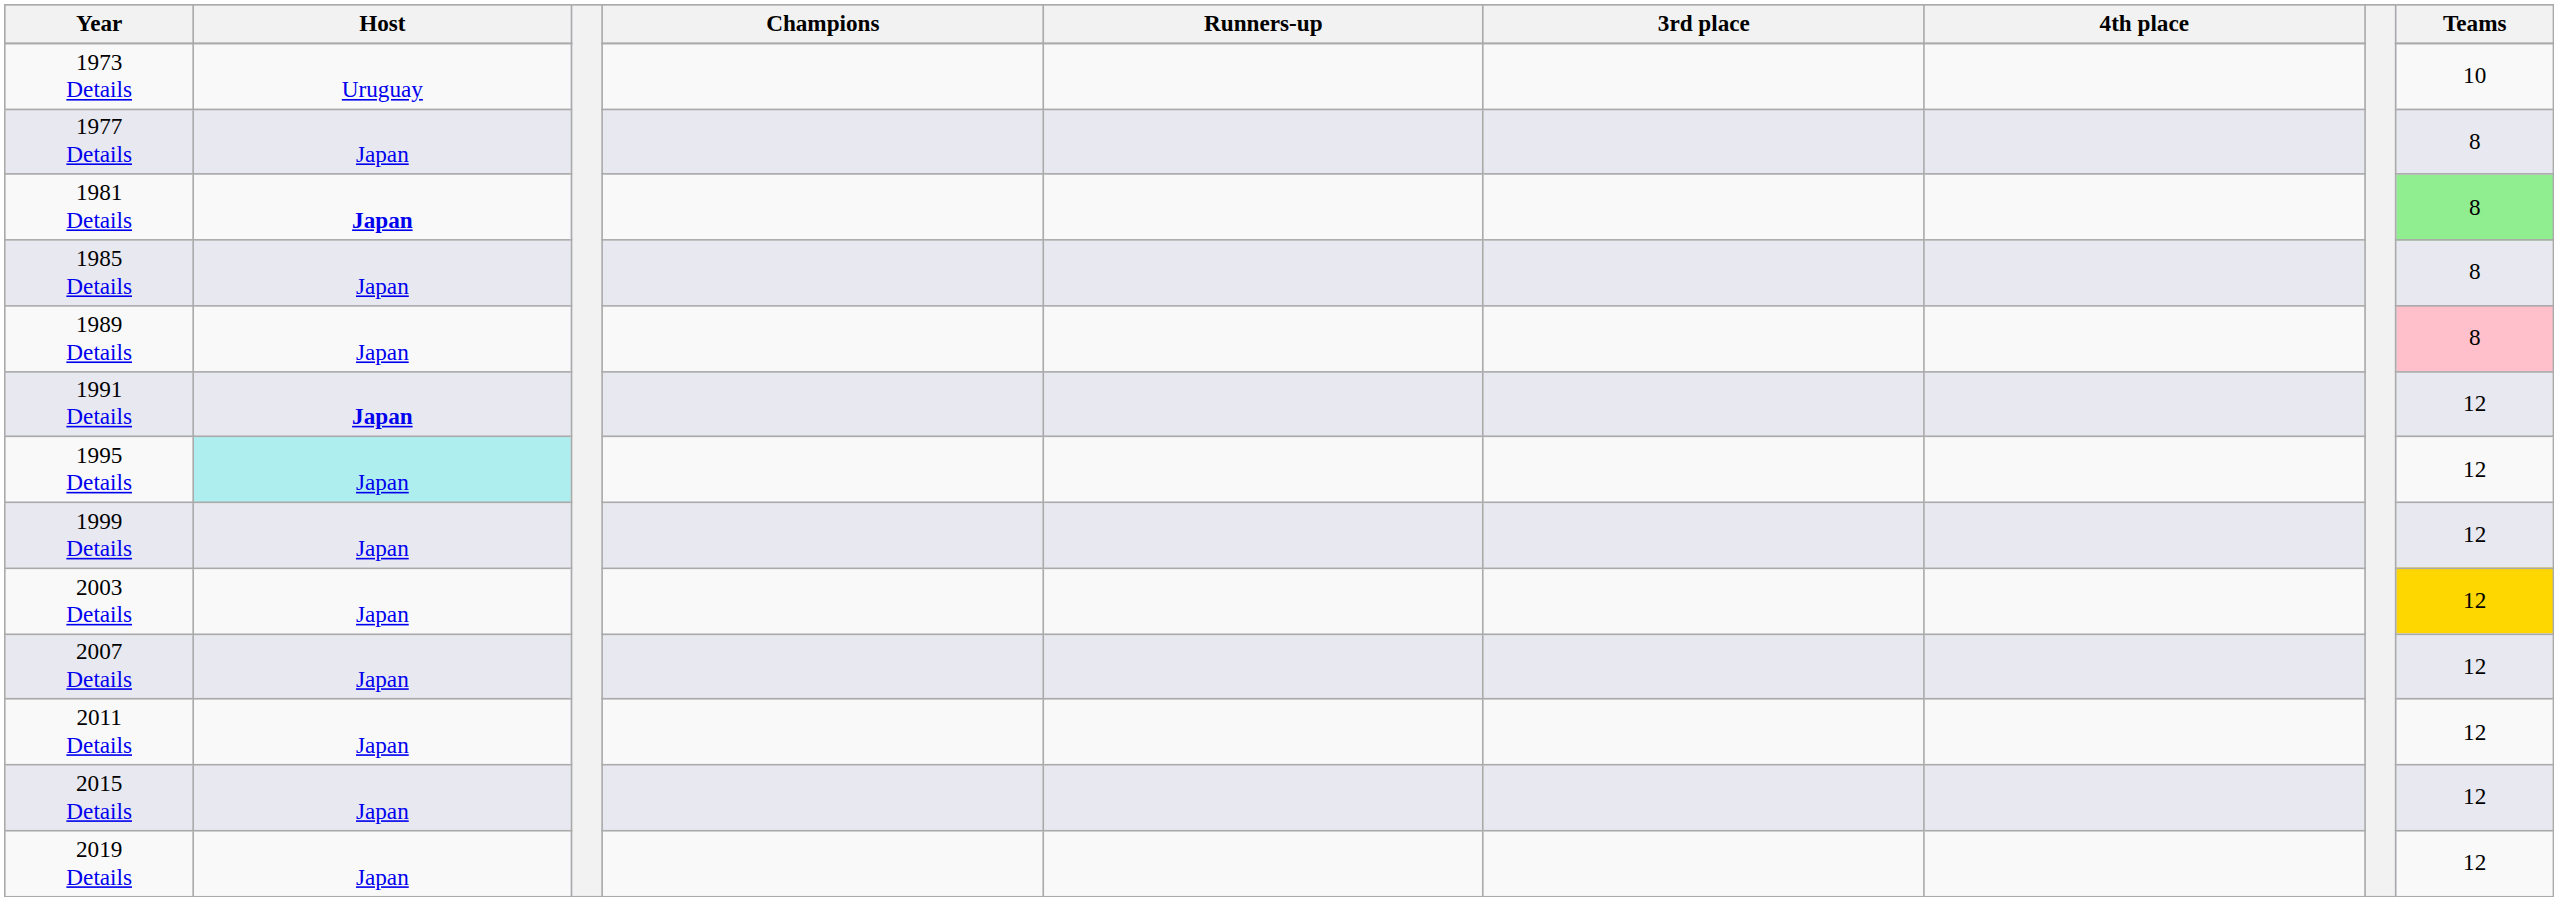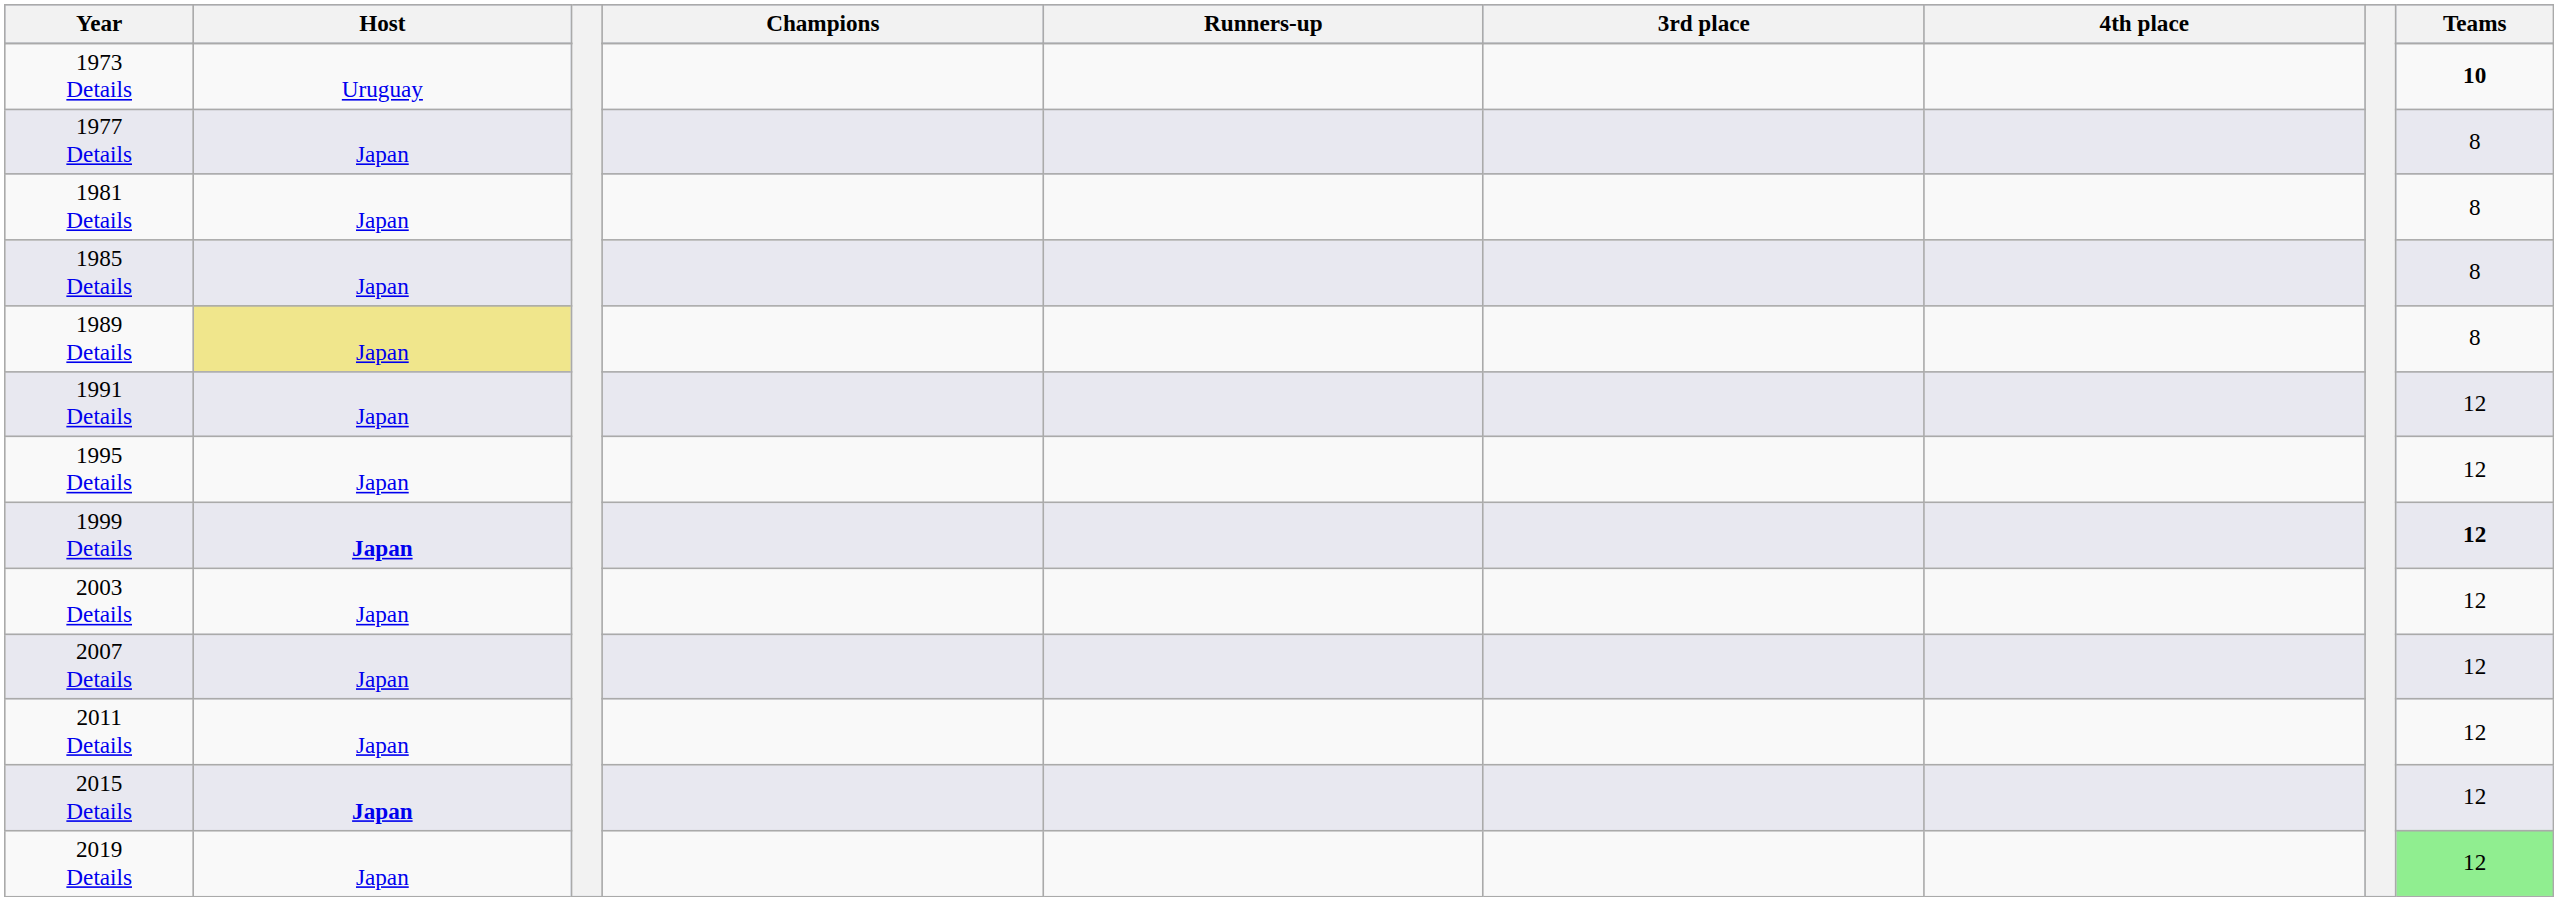 <table class="wikitable" style="font-size:90%; width: 100%; text-align: center;">
 <tr bgcolor=#c1d8ff>
 <th width=6%>Year</th>
 <th width=12%>Host</th>
 <th width=1% rowspan=15 bgcolor=ffffff></th>
 <th width=14%>Champions</th>
 <th width=14%>Runners-up</th>
 <th width=14%>3rd place</th>
 <th width=14%>4th place</th>
 <th width=1% rowspan=15 bgcolor=#ffffff></th>
 <th width=5%>Teams</th>
 </tr>
 <tr bgcolor=#efefef>
 </tr>
 <tr>
 <td>1973<br><a href='#'>Details</a></td>
 <td><br><a href='#'>Uruguay</a></td>
 <td><strong></strong></td>
 <td></td>
 <td></td>
 <td></td>
-<td>10</td>
+<td><strong>10</strong></td>
 </tr>
 <tr bgcolor=#E8E8F0>
 <td>1977<br><a href='#'>Details</a></td>
 <td><br><a href='#'>Japan</a></td>
 <td><strong></strong></td>
 <td></td>
 <td></td>
 <td></td>
 <td>8</td>
 </tr>
 <tr>
 <td>1981<br><a href='#'>Details</a></td>
-<td><strong><br><a href='#'>Japan</a></strong></td>
+<td><br><a href='#'>Japan</a></td>
 <td><strong></strong></td>
 <td></td>
 <td></td>
 <td></td>
-<td style="background: lightgreen;">8</td>
+<td>8</td>
 </tr>
 <tr bgcolor=#E8E8F0>
 <td>1985<br><a href='#'>Details</a></td>
 <td><br><a href='#'>Japan</a></td>
 <td><strong></strong></td>
 <td></td>
 <td></td>
 <td></td>
 <td>8</td>
 </tr>
 <tr>
 <td>1989<br><a href='#'>Details</a></td>
-<td><br><a href='#'>Japan</a></td>
+<td style="background: khaki;"><br><a href='#'>Japan</a></td>
 <td><strong></strong></td>
 <td></td>
 <td></td>
 <td></td>
-<td style="background: pink;">8</td>
+<td>8</td>
 </tr>
 <tr bgcolor=#E8E8F0>
 <td>1991<br><a href='#'>Details</a></td>
-<td><strong><br><a href='#'>Japan</a></strong></td>
+<td><br><a href='#'>Japan</a></td>
 <td><strong></strong></td>
 <td></td>
 <td></td>
 <td></td>
 <td>12</td>
 </tr>
 <tr>
 <td>1995<br><a href='#'>Details</a></td>
-<td style="background: paleturquoise;"><br><a href='#'>Japan</a></td>
+<td><br><a href='#'>Japan</a></td>
 <td><strong></strong></td>
 <td></td>
 <td></td>
 <td></td>
 <td>12</td>
 </tr>
 <tr bgcolor=#E8E8F0>
 <td>1999<br><a href='#'>Details</a></td>
-<td><br><a href='#'>Japan</a></td>
+<td><strong><br><a href='#'>Japan</a></strong></td>
 <td><strong></strong></td>
 <td></td>
 <td></td>
 <td></td>
-<td>12</td>
+<td><strong>12</strong></td>
 </tr>
 <tr>
 <td>2003<br><a href='#'>Details</a></td>
 <td><br><a href='#'>Japan</a></td>
 <td><strong></strong></td>
 <td></td>
 <td></td>
 <td></td>
-<td style="background: gold;">12</td>
+<td>12</td>
 </tr>
 <tr bgcolor=#E8E8F0>
 <td>2007<br><a href='#'>Details</a></td>
 <td><br><a href='#'>Japan</a></td>
 <td><strong></strong></td>
 <td></td>
 <td></td>
 <td></td>
 <td>12</td>
 </tr>
 <tr>
 <td>2011<br><a href='#'>Details</a></td>
 <td><br><a href='#'>Japan</a></td>
 <td><strong></strong></td>
 <td></td>
 <td></td>
 <td></td>
 <td>12</td>
 </tr>
 <tr bgcolor=#E8E8F0>
 <td>2015<br><a href='#'>Details</a></td>
-<td><br><a href='#'>Japan</a></td>
+<td><strong><br><a href='#'>Japan</a></strong></td>
 <td><strong></strong></td>
 <td></td>
 <td></td>
 <td></td>
 <td>12</td>
 </tr>
 <tr>
 <td>2019<br><a href='#'>Details</a></td>
 <td><br><a href='#'>Japan</a></td>
 <td><strong></strong></td>
 <td></td>
 <td></td>
 <td></td>
-<td>12</td>
+<td style="background: lightgreen;">12</td>
 </tr>
 </table>
